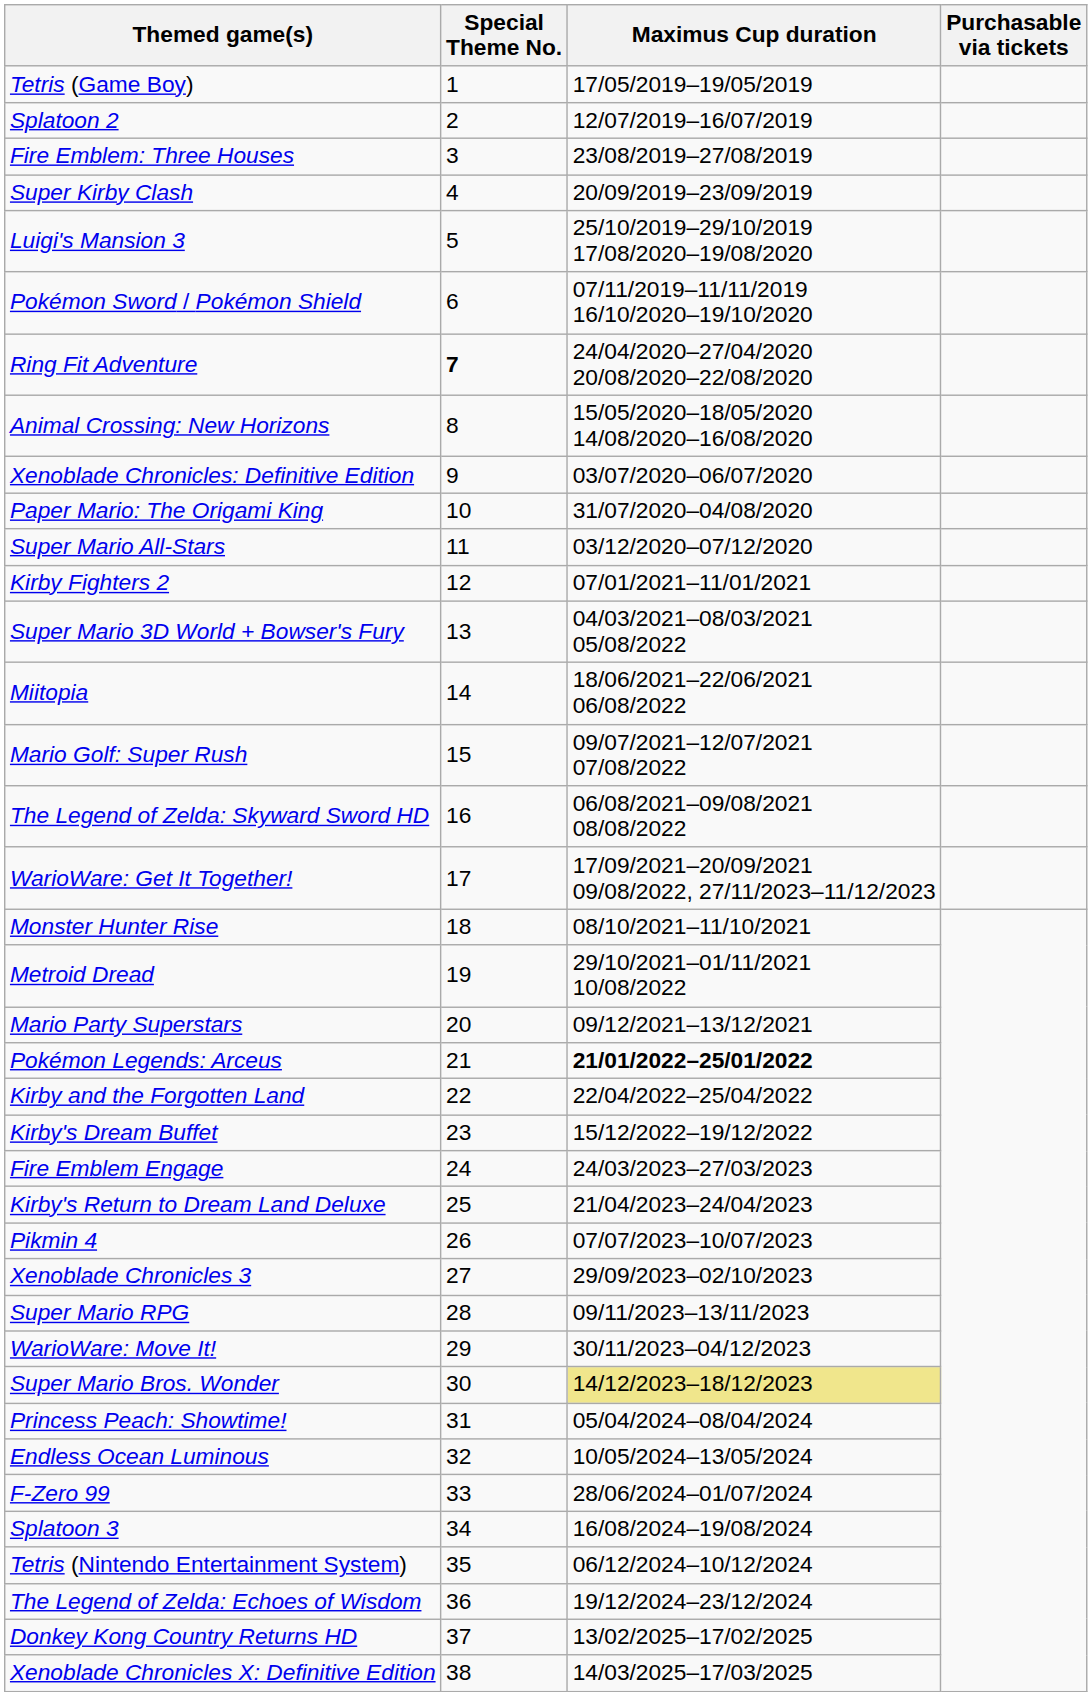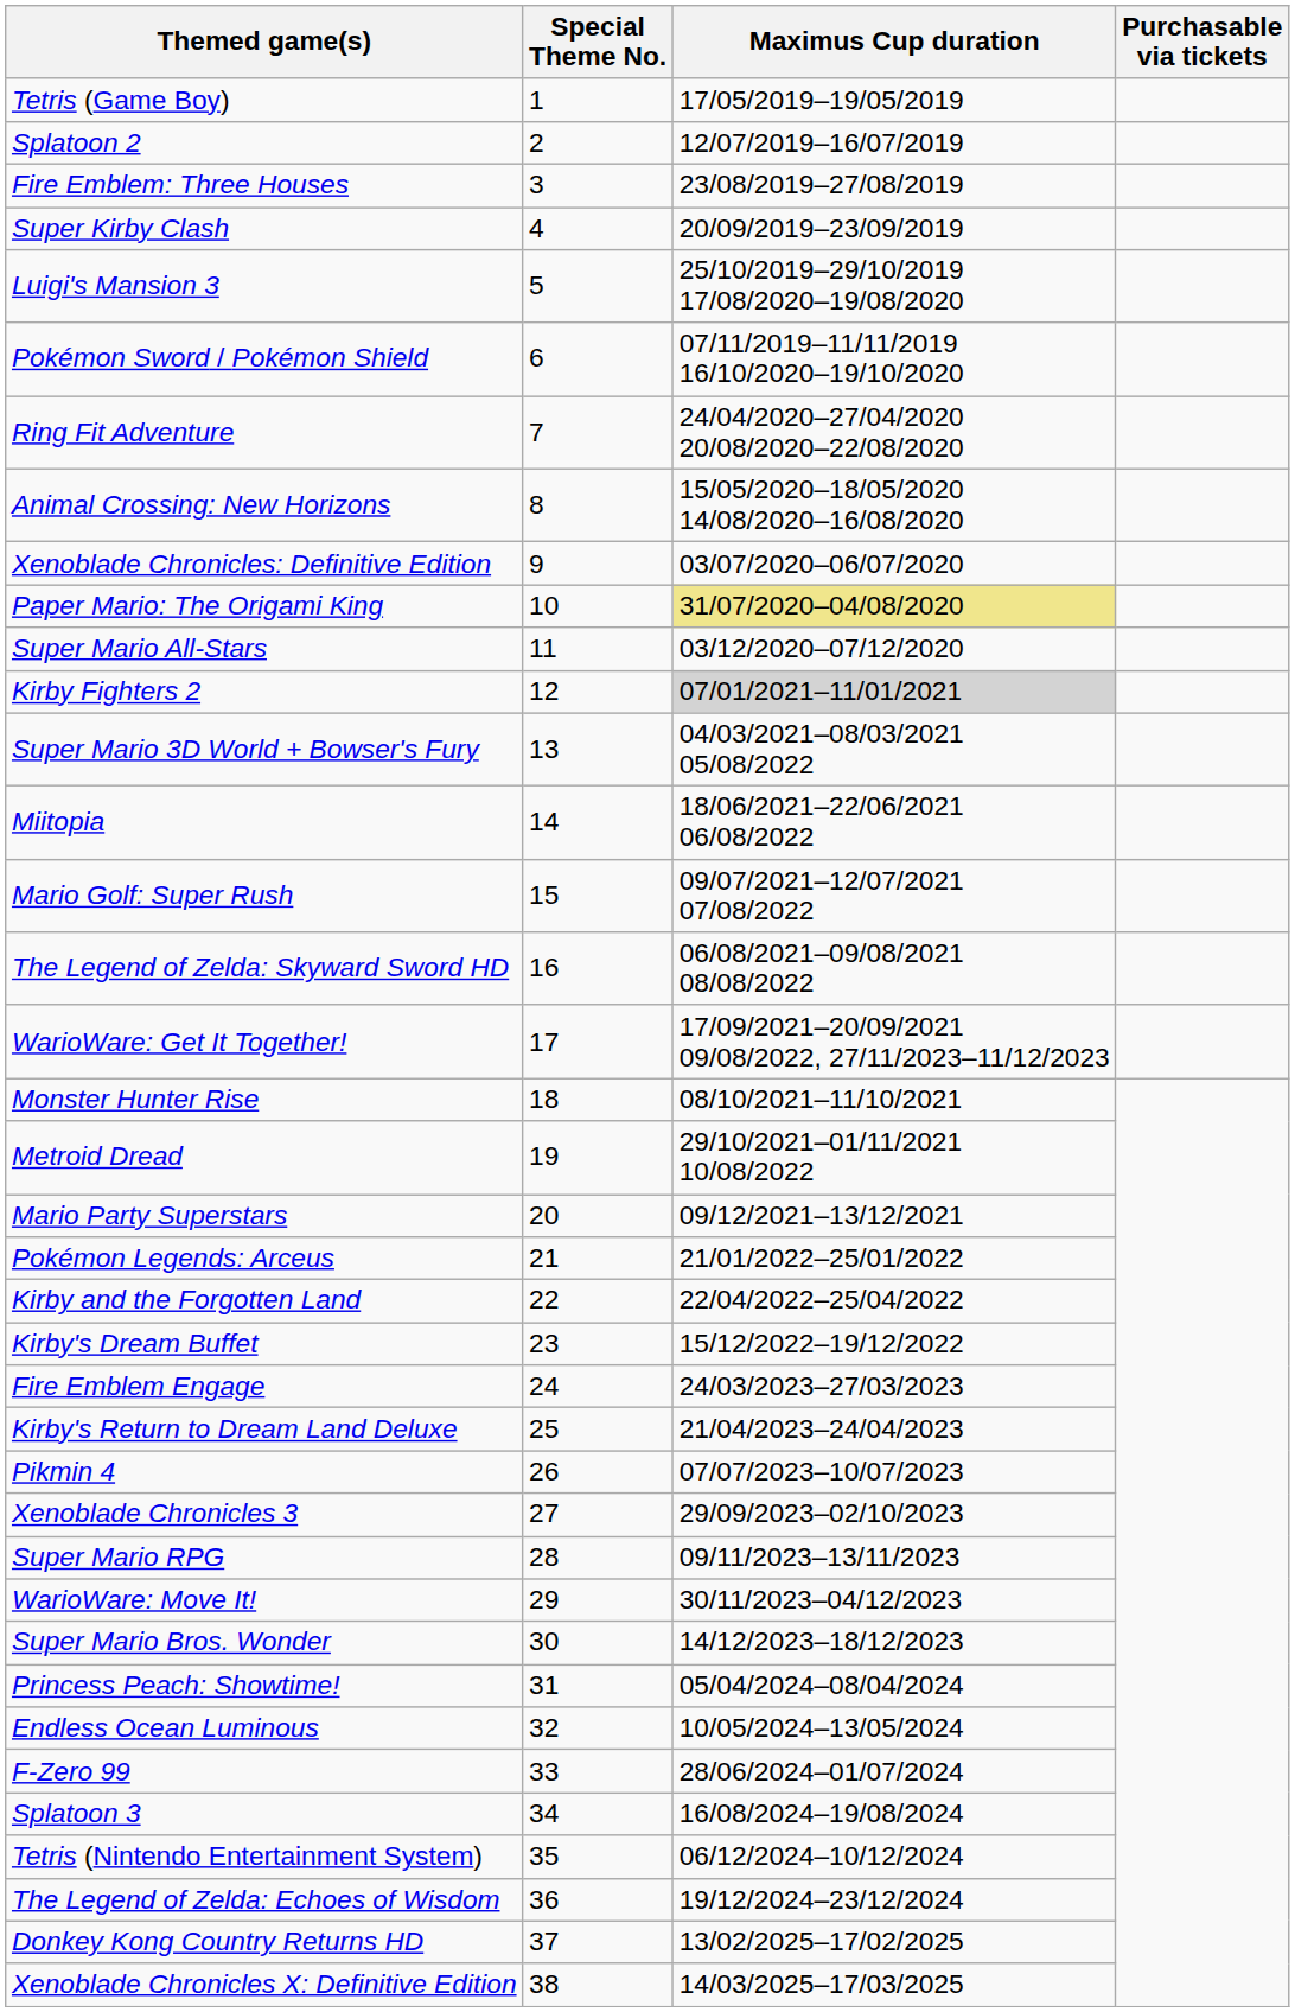 <table class="wikitable sortable">
 <tr>
 <th>Themed game(s)</th>
 <th>Special<br>Theme No.</th>
 <th>Maximus Cup duration</th>
 <th>Purchasable<br>via tickets</th>
 </tr>
 <tr>
 <td><em><a href='#'>Tetris</a></em> (<a href='#'>Game Boy</a>)</td>
 <td>1</td>
 <td>17/05/2019–19/05/2019</td>
 <td></td>
 </tr>
 <tr>
 <td><em><a href='#'>Splatoon 2</a></em></td>
 <td>2</td>
 <td>12/07/2019–16/07/2019</td>
 <td></td>
 </tr>
 <tr>
 <td><em><a href='#'>Fire Emblem: Three Houses</a></em></td>
 <td>3</td>
 <td>23/08/2019–27/08/2019</td>
 <td></td>
 </tr>
 <tr>
 <td><em><a href='#'>Super Kirby Clash</a></em></td>
 <td>4</td>
 <td>20/09/2019–23/09/2019</td>
 <td></td>
 </tr>
 <tr>
 <td><em><a href='#'>Luigi's Mansion 3</a></em></td>
 <td>5</td>
 <td>25/10/2019–29/10/2019<br>17/08/2020–19/08/2020</td>
 <td></td>
 </tr>
 <tr>
 <td><a href='#'><em>Pokémon Sword</em> / <em>Pokémon Shield</em></a></td>
 <td>6</td>
 <td>07/11/2019–11/11/2019<br>16/10/2020–19/10/2020</td>
 <td></td>
 </tr>
 <tr>
 <td><em><a href='#'>Ring Fit Adventure</a></em></td>
-<td><strong>7</strong></td>
+<td>7</td>
 <td>24/04/2020–27/04/2020<br>20/08/2020–22/08/2020</td>
 <td></td>
 </tr>
 <tr>
 <td><em><a href='#'>Animal Crossing: New Horizons</a></em></td>
 <td>8</td>
 <td>15/05/2020–18/05/2020<br>14/08/2020–16/08/2020</td>
 <td></td>
 </tr>
 <tr>
 <td><em><a href='#'>Xenoblade Chronicles: Definitive Edition</a></em></td>
 <td>9</td>
 <td>03/07/2020–06/07/2020</td>
 <td></td>
 </tr>
 <tr>
 <td><em><a href='#'>Paper Mario: The Origami King</a></em></td>
 <td>10</td>
-<td>31/07/2020–04/08/2020</td>
+<td style="background: khaki;">31/07/2020–04/08/2020</td>
 <td></td>
 </tr>
 <tr>
 <td><em><a href='#'>Super Mario All-Stars</a></em></td>
 <td>11</td>
 <td>03/12/2020–07/12/2020</td>
 <td></td>
 </tr>
 <tr>
 <td><em><a href='#'>Kirby Fighters 2</a></em></td>
 <td>12</td>
-<td>07/01/2021–11/01/2021</td>
+<td style="background: lightgrey;">07/01/2021–11/01/2021</td>
 <td></td>
 </tr>
 <tr>
 <td><em><a href='#'>Super Mario 3D World + Bowser's Fury</a></em></td>
 <td>13</td>
 <td>04/03/2021–08/03/2021<br>05/08/2022</td>
 <td></td>
 </tr>
 <tr>
 <td><em><a href='#'>Miitopia</a></em></td>
 <td>14</td>
 <td>18/06/2021–22/06/2021<br>06/08/2022</td>
 <td></td>
 </tr>
 <tr>
 <td><em><a href='#'>Mario Golf: Super Rush</a></em></td>
 <td>15</td>
 <td>09/07/2021–12/07/2021<br>07/08/2022</td>
 </tr>
 <tr>
 <td><em><a href='#'>The Legend of Zelda: Skyward Sword HD</a></em></td>
 <td>16</td>
 <td>06/08/2021–09/08/2021<br>08/08/2022</td>
 <td></td>
 </tr>
 <tr>
 <td><em><a href='#'>WarioWare: Get It Together!</a></em></td>
 <td>17</td>
 <td>17/09/2021–20/09/2021<br>09/08/2022, 27/11/2023–11/12/2023</td>
 <td></td>
 </tr>
 <tr>
 <td><em><a href='#'>Monster Hunter Rise</a></em></td>
 <td>18</td>
 <td>08/10/2021–11/10/2021</td>
 </tr>
 <tr>
 <td><em><a href='#'>Metroid Dread</a></em></td>
 <td>19</td>
 <td>29/10/2021–01/11/2021<br>10/08/2022</td>
 </tr>
 <tr>
 <td><em><a href='#'>Mario Party Superstars</a></em></td>
 <td>20</td>
 <td>09/12/2021–13/12/2021</td>
 </tr>
 <tr>
 <td><em><a href='#'>Pokémon Legends: Arceus</a></em></td>
 <td>21</td>
-<td><strong>21/01/2022–25/01/2022</strong></td>
+<td>21/01/2022–25/01/2022</td>
 </tr>
 <tr>
 <td><em><a href='#'>Kirby and the Forgotten Land</a></em></td>
 <td>22</td>
 <td>22/04/2022–25/04/2022</td>
 </tr>
 <tr>
 <td><em><a href='#'>Kirby's Dream Buffet</a></em></td>
 <td>23</td>
 <td>15/12/2022–19/12/2022</td>
 </tr>
 <tr>
 <td><em><a href='#'>Fire Emblem Engage</a></em></td>
 <td>24</td>
 <td>24/03/2023–27/03/2023</td>
 </tr>
 <tr>
 <td><em><a href='#'>Kirby's Return to Dream Land Deluxe</a></em></td>
 <td>25</td>
 <td>21/04/2023–24/04/2023</td>
 </tr>
 <tr>
 <td><em><a href='#'>Pikmin 4</a></em></td>
 <td>26</td>
 <td>07/07/2023–10/07/2023</td>
 </tr>
 <tr>
 <td><em><a href='#'>Xenoblade Chronicles 3</a></em></td>
 <td>27</td>
 <td>29/09/2023–02/10/2023</td>
 </tr>
 <tr>
 <td><em><a href='#'>Super Mario RPG</a></em></td>
 <td>28</td>
 <td>09/11/2023–13/11/2023</td>
 </tr>
 <tr>
 <td><em><a href='#'>WarioWare: Move It!</a></em></td>
 <td>29</td>
 <td>30/11/2023–04/12/2023</td>
 </tr>
 <tr>
 <td><em><a href='#'>Super Mario Bros. Wonder</a></em></td>
 <td>30</td>
-<td style="background: khaki;">14/12/2023–18/12/2023</td>
+<td>14/12/2023–18/12/2023</td>
 </tr>
 <tr>
 <td><em><a href='#'>Princess Peach: Showtime!</a></em></td>
 <td>31</td>
 <td>05/04/2024–08/04/2024</td>
 </tr>
 <tr>
 <td><em><a href='#'>Endless Ocean Luminous</a></em></td>
 <td>32</td>
 <td>10/05/2024–13/05/2024</td>
 </tr>
 <tr>
 <td><em><a href='#'>F-Zero 99</a></em></td>
 <td>33</td>
 <td>28/06/2024–01/07/2024</td>
 </tr>
 <tr>
 <td><em><a href='#'>Splatoon 3</a></em></td>
 <td>34</td>
 <td>16/08/2024–19/08/2024</td>
 </tr>
 <tr>
 <td><em><a href='#'>Tetris</a></em> (<a href='#'>Nintendo Entertainment System</a>)</td>
 <td>35</td>
 <td>06/12/2024–10/12/2024</td>
 </tr>
 <tr>
 <td><em><a href='#'>The Legend of Zelda: Echoes of Wisdom</a></em></td>
 <td>36</td>
 <td>19/12/2024–23/12/2024</td>
 </tr>
 <tr>
 <td><em><a href='#'>Donkey Kong Country Returns HD</a></em></td>
 <td>37</td>
 <td>13/02/2025–17/02/2025</td>
 </tr>
 <tr>
 <td><em><a href='#'>Xenoblade Chronicles X: Definitive Edition</a></em></td>
 <td>38</td>
 <td>14/03/2025–17/03/2025</td>
 </tr>
 <tr>
 </tr>
 </table>
